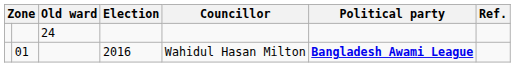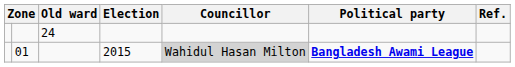 <table class="wikitable">
 <tr>
 <th colspan="2">Zone</th>
 <th>Old ward</th>
 <th>Election</th>
 <th>Councillor</th>
 <th>Political party</th>
 <th>Ref.</th>
 </tr>
 <tr>
 <td style="background-color:"></td>
 <td></td>
 <td>24</td>
 <td></td>
 <td></td>
 <td></td>
 <td></td>
 </tr>
 <tr>
 <td style="background-color: "></td>
 <td>01</td>
 <td></td>
-<td>2016</td>
-<td>Wahidul Hasan Milton</td>
+<td>2015</td>
+<td style="background: lightgrey;">Wahidul Hasan Milton</td>
 <td><strong><a href='#'>Bangladesh Awami League</a></strong></td>
 <td></td>
 </tr>
 </table>
